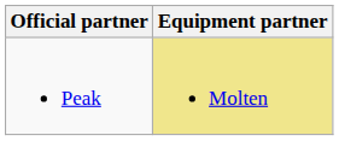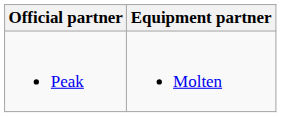 <table class="wikitable">
 <tr>
 <th>Official partner</th>
 <th>Equipment partner</th>
 </tr>
 <tr>
 <td><br><ul><li><a href='#'>Peak</a></li></ul></td>
-<td style="background: khaki;"><br><ul><li><a href='#'>Molten</a></li></ul></td>
+<td><br><ul><li><a href='#'>Molten</a></li></ul></td>
 </tr>
 </table>
